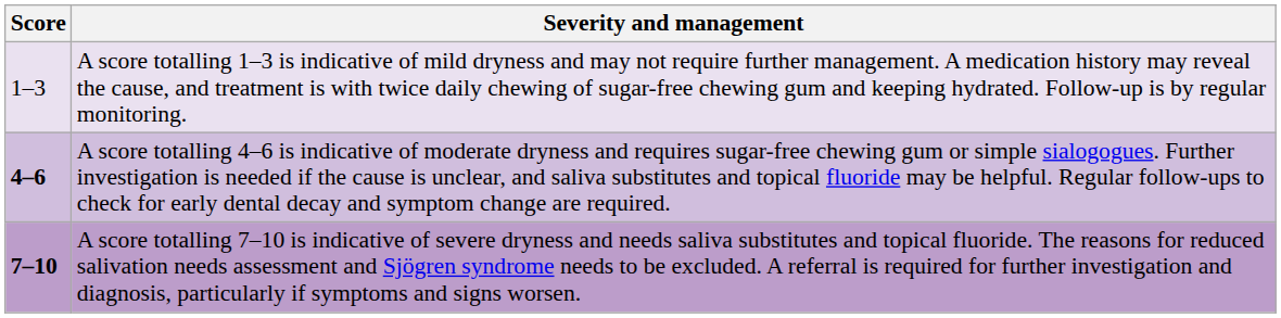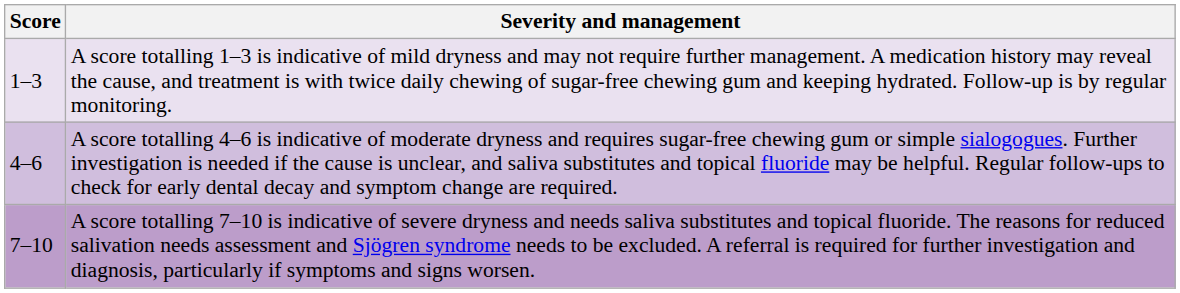 <table class="wikitable">
 <tr>
 <th>Score</th>
 <th>Severity and management</th>
 </tr>
 <tr>
 <td style='background: #eae1f0;'>1–3</td>
 <td style='background: #eae1f0;'>A score totalling 1–3 is indicative of mild dryness and may not require further management. A medication history may reveal the cause, and treatment is with twice daily chewing of sugar-free chewing gum and keeping hydrated. Follow-up is by regular monitoring.</td>
 </tr>
 <tr>
-<td style='background: #d0bedd;'><strong>4–6</strong></td>
+<td style='background: #d0bedd;'>4–6</td>
 <td style='background: #d0bedd;'>A score totalling 4–6 is indicative of moderate dryness and requires sugar-free chewing gum or simple <a href='#'>sialogogues</a>. Further investigation is needed if the cause is unclear, and saliva substitutes and topical <a href='#'>fluoride</a> may be helpful. Regular follow-ups to check for early dental decay and symptom change are required.</td>
 </tr>
 <tr>
-<td style='background: #bc9dca;'><strong>7–10</strong></td>
+<td style='background: #bc9dca;'>7–10</td>
 <td style='background: #bc9dca;'>A score totalling 7–10 is indicative of severe dryness and needs saliva substitutes and topical fluoride. The reasons for reduced salivation needs assessment and <a href='#'>Sjögren syndrome</a> needs to be excluded. A referral is required for further investigation and diagnosis, particularly if symptoms and signs worsen.</td>
 </tr>
 </table>
